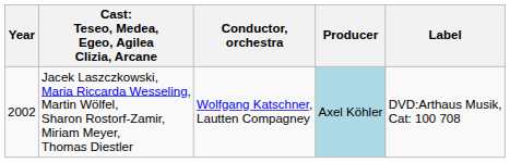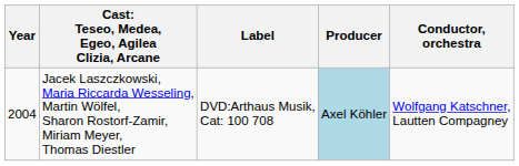 <table class="wikitable">
 <tr>
 <th>Year</th>
 <th>Cast:<br>Teseo, Medea,<br>Egeo, Agilea<br>Clizia, Arcane</th>
+<th>Label</th>
+<th>Producer</th>
 <th>Conductor,<br>orchestra</th>
-<th>Producer</th>
-<th>Label</th>
 </tr>
 <tr>
-<td>2002</td>
+<td>2004</td>
 <td>Jacek Laszczkowski,<br><a href='#'>Maria Riccarda Wesseling</a>,<br>Martin Wölfel,<br>Sharon Rostorf-Zamir,<br>Miriam Meyer,<br>Thomas Diestler</td>
+<td>DVD:Arthaus Musik,<br>Cat: 100 708</td>
+<td style="background: lightblue;">Axel Köhler</td>
 <td><a href='#'>Wolfgang Katschner</a>,<br>Lautten Compagney</td>
-<td style="background: lightblue;">Axel Köhler</td>
-<td>DVD:Arthaus Musik,<br>Cat: 100 708</td>
 </tr>
 </table>
